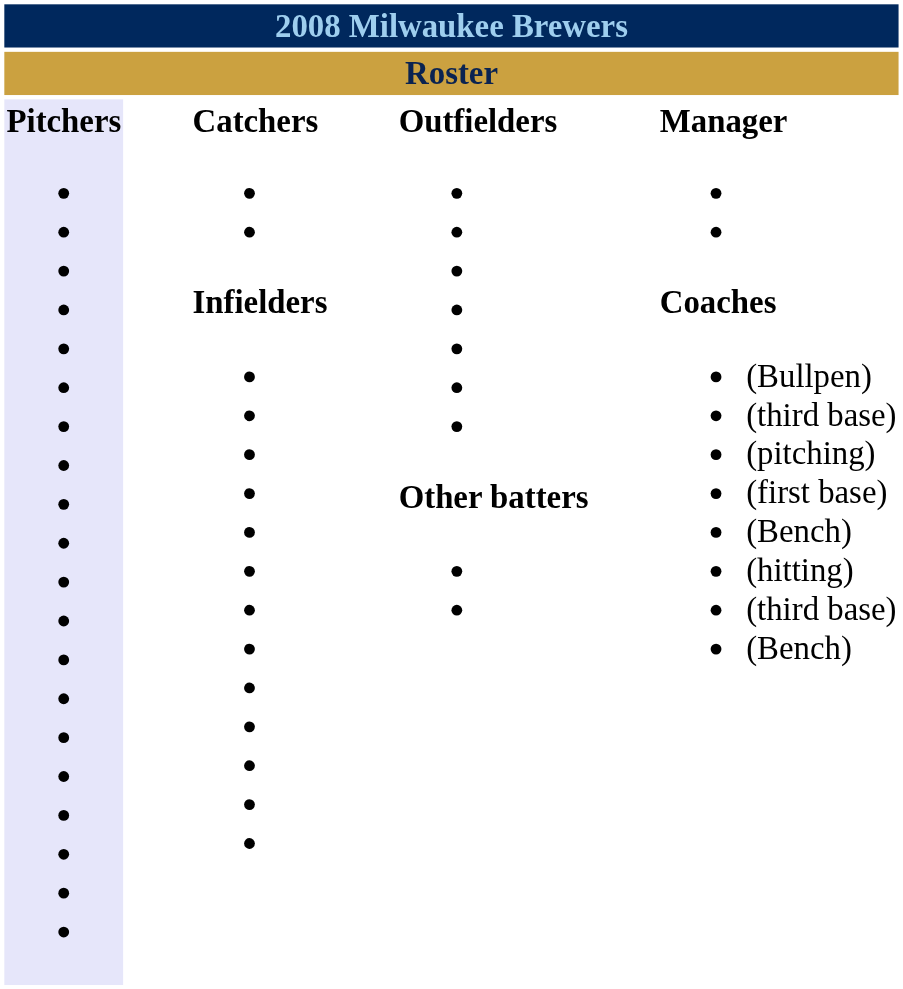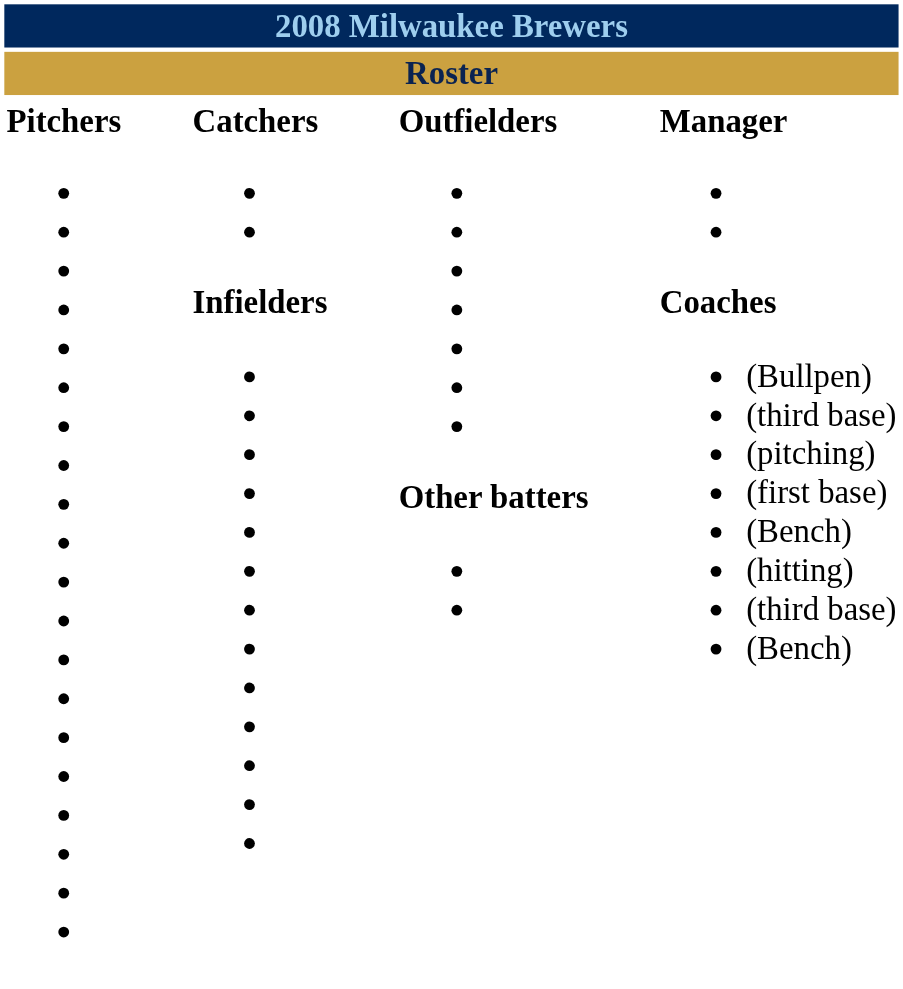 <table class="toccolours" style="font-size: 95%;">
 <tr>
 <th colspan="10" style="background-color: #00285D; color: #9ECEEE; text-align: center;">2008 Milwaukee Brewers</th>
 </tr>
 <tr>
 <td colspan="10" style="background-color: #CBA140; color: #0a2351; text-align: center;"><strong>Roster</strong></td>
 </tr>
 <tr>
-<td valign="top" style="background: lavender;"><strong>Pitchers</strong><br><ul><li></li><li></li><li></li><li></li><li></li><li></li><li></li><li></li><li></li><li></li><li></li><li></li><li></li><li></li><li></li><li></li><li></li><li></li><li></li><li></li></ul></td>
+<td valign="top"><strong>Pitchers</strong><br><ul><li></li><li></li><li></li><li></li><li></li><li></li><li></li><li></li><li></li><li></li><li></li><li></li><li></li><li></li><li></li><li></li><li></li><li></li><li></li><li></li></ul></td>
 <td width="25px"></td>
 <td valign="top"><strong>Catchers</strong><br><ul><li></li><li></li></ul><strong>Infielders</strong><ul><li></li><li></li><li></li><li></li><li></li><li></li><li></li><li></li><li></li><li></li><li></li><li></li><li></li></ul></td>
 <td width="25px"></td>
 <td valign="top"><strong>Outfielders</strong><br><ul><li></li><li></li><li></li><li></li><li></li><li></li><li></li></ul><strong>Other batters</strong><ul><li></li><li></li></ul></td>
 <td width="25px"></td>
 <td valign="top"><strong>Manager</strong><br><ul><li></li><li></li></ul><strong>Coaches</strong><ul><li> (Bullpen)</li><li>  (third base)</li><li>   (pitching)</li><li> (first base)</li><li> (Bench)</li><li> (hitting)</li><li> (third base)</li><li> (Bench)</li></ul></td>
 </tr>
 <tr>
 </tr>
 </table>
